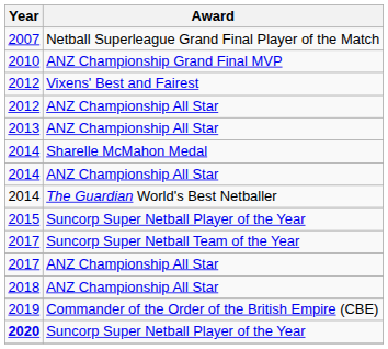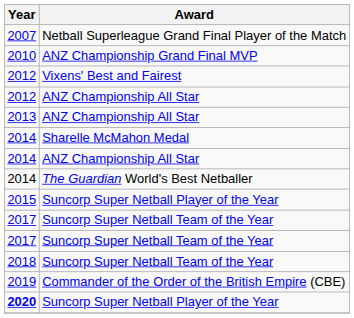 <table class="wikitable collapsible">
 <tr>
 <th>Year</th>
 <th>Award</th>
 </tr>
 <tr>
 <td><a href='#'>2007</a></td>
 <td>Netball Superleague Grand Final Player of the Match</td>
 </tr>
 <tr>
 <td><a href='#'>2010</a></td>
 <td><a href='#'>ANZ Championship Grand Final MVP</a></td>
 </tr>
 <tr>
 <td><a href='#'>2012</a></td>
 <td><a href='#'>Vixens' Best and Fairest</a></td>
 </tr>
 <tr>
 <td><a href='#'>2012</a></td>
 <td><a href='#'>ANZ Championship All Star</a></td>
 </tr>
 <tr>
 <td><a href='#'>2013</a></td>
 <td><a href='#'>ANZ Championship All Star</a></td>
 </tr>
 <tr>
 <td><a href='#'>2014</a></td>
 <td><a href='#'>Sharelle McMahon Medal</a></td>
 </tr>
 <tr>
 <td><a href='#'>2014</a></td>
 <td><a href='#'>ANZ Championship All Star</a></td>
 </tr>
 <tr>
 <td>2014</td>
 <td><em><a href='#'>The Guardian</a></em> World's Best Netballer</td>
 </tr>
 <tr>
 <td><a href='#'>2015</a></td>
 <td><a href='#'>Suncorp Super Netball Player of the Year</a></td>
 </tr>
 <tr>
 <td><a href='#'>2017</a></td>
 <td><a href='#'>Suncorp Super Netball Team of the Year</a></td>
 </tr>
 <tr>
 <td><a href='#'>2017</a></td>
-<td><a href='#'>ANZ Championship All Star</a></td>
+<td><a href='#'>Suncorp Super Netball Team of the Year</a></td>
 </tr>
 <tr>
 <td><a href='#'>2018</a></td>
-<td><a href='#'>ANZ Championship All Star</a></td>
+<td><a href='#'>Suncorp Super Netball Team of the Year</a></td>
 </tr>
 <tr>
 <td><a href='#'>2019</a></td>
 <td><a href='#'>Commander of the Order of the British Empire</a> (CBE)</td>
 </tr>
 <tr>
 <td><strong><a href='#'>2020</a></strong></td>
 <td><a href='#'>Suncorp Super Netball Player of the Year</a></td>
 </tr>
 <tr>
 </tr>
 </table>
